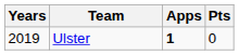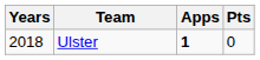 <table class="wikitable" style="text-align:left;">
 <tr>
 <th>Years</th>
 <th width=120px>Team</th>
 <th>Apps</th>
 <th>Pts</th>
 </tr>
 <tr>
-<td>2019</td>
+<td>2018</td>
 <td><a href='#'>Ulster</a></td>
 <td><strong>1</strong></td>
 <td>0</td>
 </tr>
 </table>
